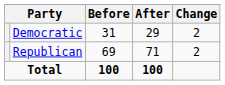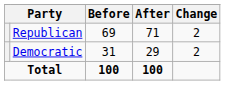 <table class="wikitable" style="text-align:center;">
 <tr>
 </tr>
 <tr>
 <th colspan=2>Party</th>
 <th>Before</th>
 <th>After</th>
 <th>Change</th>
 </tr>
 <tr>
 <th style="background-color:"></th>
-<td style="text-align:left;"><a href='#'>Democratic</a></td>
-<td>31</td>
-<td>29</td>
+<td style="text-align:left;"><a href='#'>Republican</a></td>
+<td>69</td>
+<td>71</td>
 <td> 2</td>
 </tr>
 <tr>
 <th style="background-color:"></th>
-<td style="text-align:left;"><a href='#'>Republican</a></td>
-<td>69</td>
-<td>71</td>
+<td style="text-align:left;"><a href='#'>Democratic</a></td>
+<td>31</td>
+<td>29</td>
 <td> 2</td>
 </tr>
 <tr>
 <td colspan=2><strong>Total</strong></td>
 <td><strong>100</strong></td>
 <td><strong>100</strong></td>
 <td></td>
 </tr>
 </table>
